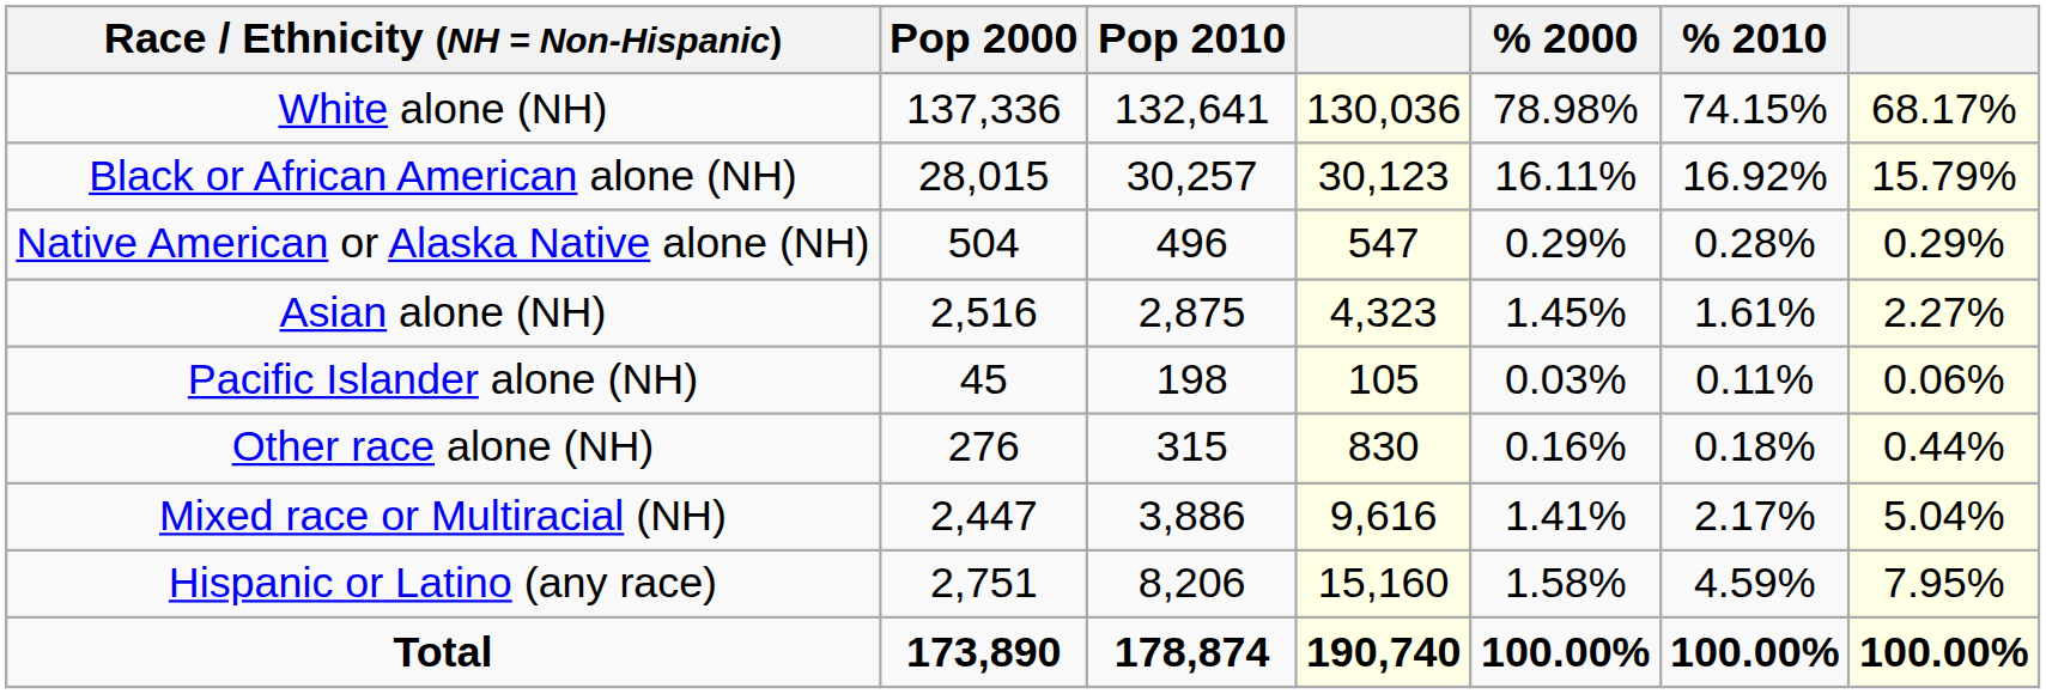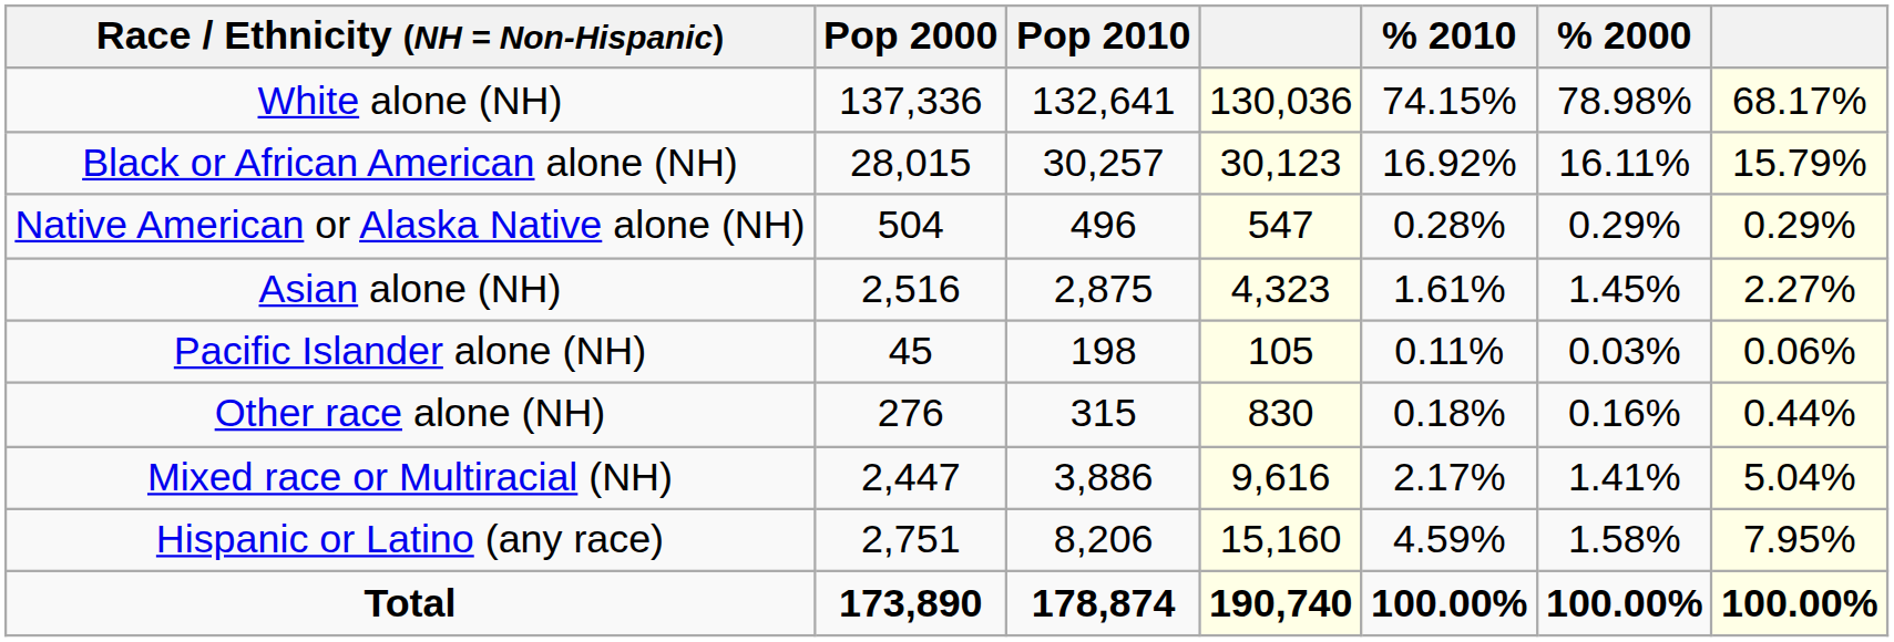 <table class="wikitable" style="text-align:center;">
 <tr>
 <th>Race / Ethnicity <small>(<em>NH = Non-Hispanic</em>)</small></th>
 <th>Pop 2000</th>
 <th>Pop 2010</th>
 <th></th>
+<th>% 2010</th>
 <th>% 2000</th>
-<th>% 2010</th>
 <th></th>
 </tr>
 <tr>
 <td><a href='#'>White</a> alone (NH)</td>
 <td>137,336</td>
 <td>132,641</td>
 <td style='background: #ffffe6;'>130,036</td>
+<td>74.15%</td>
 <td>78.98%</td>
-<td>74.15%</td>
 <td style='background: #ffffe6;'>68.17%</td>
 </tr>
 <tr>
 <td><a href='#'>Black or African American</a> alone (NH)</td>
 <td>28,015</td>
 <td>30,257</td>
 <td style='background: #ffffe6;'>30,123</td>
+<td>16.92%</td>
 <td>16.11%</td>
-<td>16.92%</td>
 <td style='background: #ffffe6;'>15.79%</td>
 </tr>
 <tr>
 <td><a href='#'>Native American</a> or <a href='#'>Alaska Native</a> alone (NH)</td>
 <td>504</td>
 <td>496</td>
 <td style='background: #ffffe6;'>547</td>
+<td>0.28%</td>
 <td>0.29%</td>
-<td>0.28%</td>
 <td style='background: #ffffe6;'>0.29%</td>
 </tr>
 <tr>
 <td><a href='#'>Asian</a> alone (NH)</td>
 <td>2,516</td>
 <td>2,875</td>
 <td style='background: #ffffe6;'>4,323</td>
+<td>1.61%</td>
 <td>1.45%</td>
-<td>1.61%</td>
 <td style='background: #ffffe6;'>2.27%</td>
 </tr>
 <tr>
 <td><a href='#'>Pacific Islander</a> alone (NH)</td>
 <td>45</td>
 <td>198</td>
 <td style='background: #ffffe6;'>105</td>
+<td>0.11%</td>
 <td>0.03%</td>
-<td>0.11%</td>
 <td style='background: #ffffe6;'>0.06%</td>
 </tr>
 <tr>
 <td><a href='#'>Other race</a> alone (NH)</td>
 <td>276</td>
 <td>315</td>
 <td style='background: #ffffe6;'>830</td>
+<td>0.18%</td>
 <td>0.16%</td>
-<td>0.18%</td>
 <td style='background: #ffffe6;'>0.44%</td>
 </tr>
 <tr>
 <td><a href='#'>Mixed race or Multiracial</a> (NH)</td>
 <td>2,447</td>
 <td>3,886</td>
 <td style='background: #ffffe6;'>9,616</td>
+<td>2.17%</td>
 <td>1.41%</td>
-<td>2.17%</td>
 <td style='background: #ffffe6;'>5.04%</td>
 </tr>
 <tr>
 <td><a href='#'>Hispanic or Latino</a> (any race)</td>
 <td>2,751</td>
 <td>8,206</td>
 <td style='background: #ffffe6;'>15,160</td>
+<td>4.59%</td>
 <td>1.58%</td>
-<td>4.59%</td>
 <td style='background: #ffffe6;'>7.95%</td>
 </tr>
 <tr>
 <td><strong>Total</strong></td>
 <td><strong>173,890</strong></td>
 <td><strong>178,874</strong></td>
 <td style='background: #ffffe6;'><strong>190,740</strong></td>
 <td><strong>100.00%</strong></td>
 <td><strong>100.00%</strong></td>
 <td style='background: #ffffe6;'><strong>100.00%</strong></td>
 </tr>
 </table>
